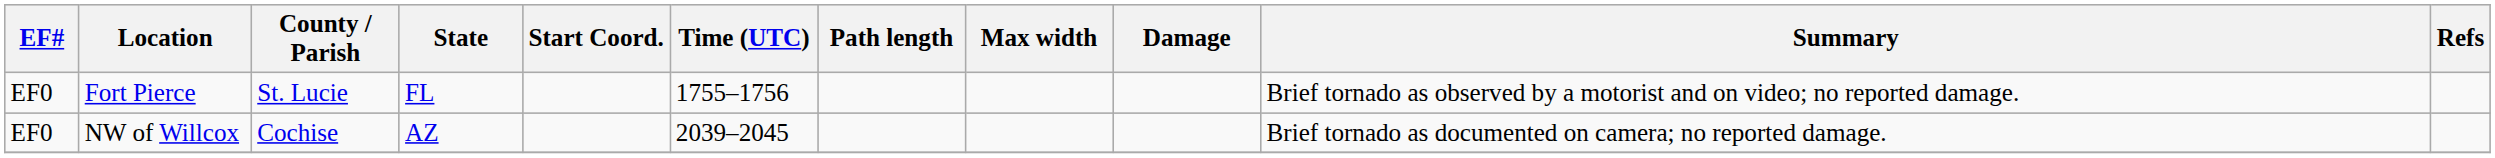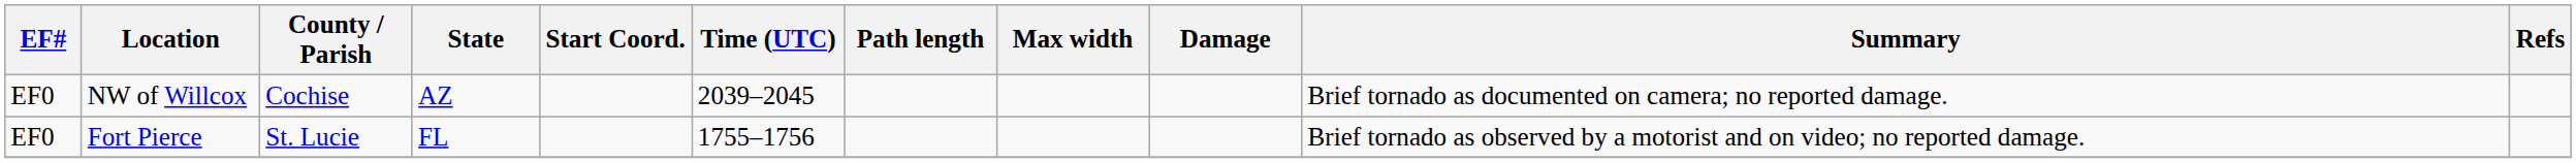 <table class="wikitable sortable" style="width:100%;">
 <tr>
 <th scope="col" width="3%" align="center"><a href='#'>EF#</a></th>
 <th scope="col" width="7%" align="center" class="unsortable">Location</th>
 <th scope="col" width="6%" align="center" class="unsortable">County / Parish</th>
 <th scope="col" width="5%" align="center">State</th>
 <th scope="col" width="6%" align="center">Start Coord.</th>
 <th scope="col" width="6%" align="center">Time (<a href='#'>UTC</a>)</th>
 <th scope="col" width="6%" align="center">Path length</th>
 <th scope="col" width="6%" align="center">Max width</th>
 <th scope="col" width="6%" align="center">Damage</th>
 <th scope="col" width="48%" class="unsortable" align="center">Summary</th>
 <th scope="col" width="48%" class="unsortable" align="center">Refs</th>
 </tr>
 <tr>
 <td>EF0</td>
+<td>NW of <a href='#'>Willcox</a></td>
+<td><a href='#'>Cochise</a></td>
+<td><a href='#'>AZ</a></td>
+<td></td>
+<td>2039–2045</td>
+<td></td>
+<td></td>
+<td></td>
+<td>Brief tornado as documented on camera; no reported damage.</td>
+<td></td>
+</tr>
+<tr>
+<td>EF0</td>
 <td><a href='#'>Fort Pierce</a></td>
 <td><a href='#'>St. Lucie</a></td>
 <td><a href='#'>FL</a></td>
 <td></td>
 <td>1755–1756</td>
 <td></td>
 <td></td>
 <td></td>
 <td>Brief tornado as observed by a motorist and on video; no reported damage.</td>
 <td></td>
 </tr>
 <tr>
-<td>EF0</td>
-<td>NW of <a href='#'>Willcox</a></td>
-<td><a href='#'>Cochise</a></td>
-<td><a href='#'>AZ</a></td>
-<td></td>
-<td>2039–2045</td>
-<td></td>
-<td></td>
-<td></td>
-<td>Brief tornado as documented on camera; no reported damage.</td>
-<td></td>
-</tr>
-<tr>
 </tr>
 </table>
